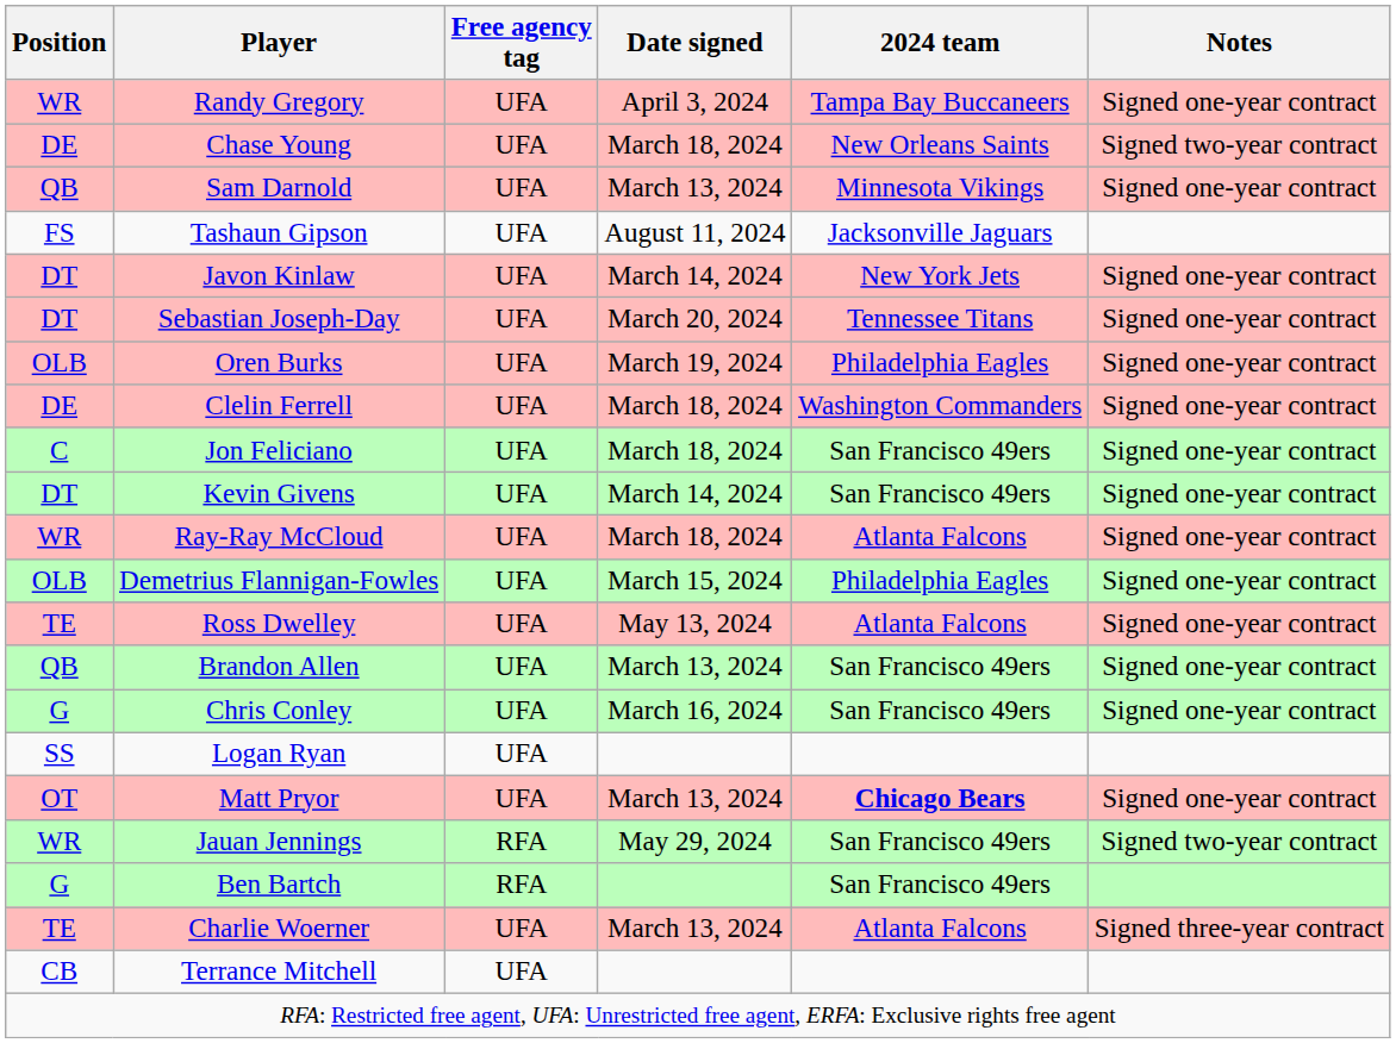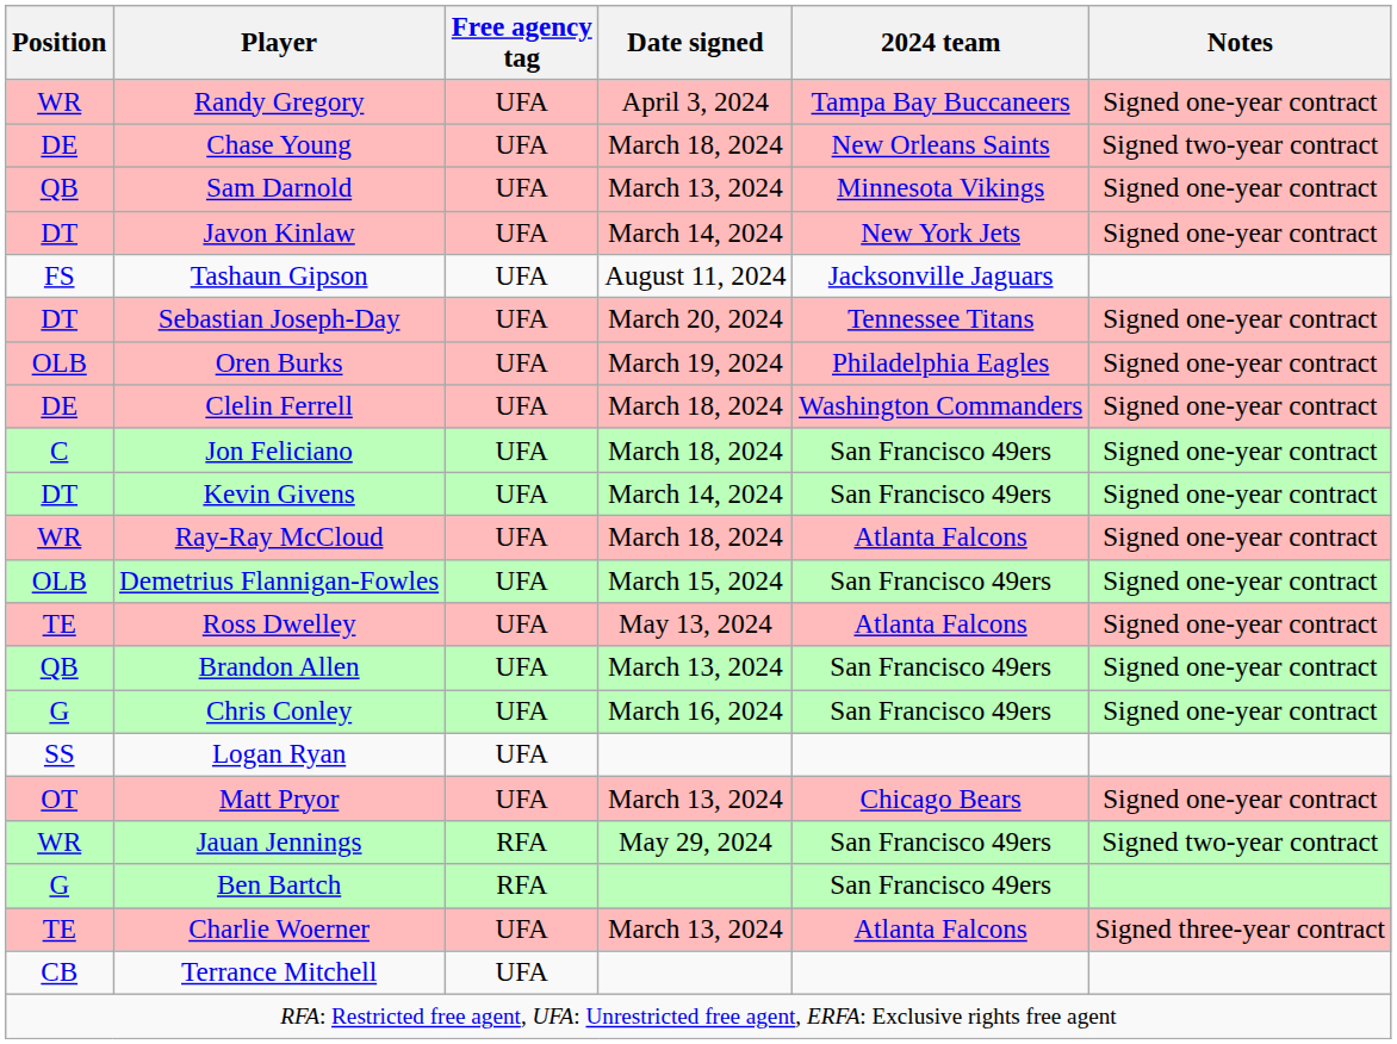 <table class="sortable wikitable" style="text-align:center">
 <tr>
 <th>Position</th>
 <th>Player</th>
 <th><a href='#'><span>Free agency</span></a><br>tag</th>
 <th>Date signed</th>
 <th>2024 team</th>
 <th>Notes</th>
 </tr>
 <tr style="background: #fbb">
 <td><a href='#'>WR</a></td>
 <td><a href='#'>Randy Gregory</a></td>
 <td>UFA</td>
 <td>April 3, 2024</td>
 <td><a href='#'>Tampa Bay Buccaneers</a></td>
 <td>Signed one-year contract</td>
 </tr>
 <tr style="background: #fbb">
 <td><a href='#'>DE</a></td>
 <td><a href='#'>Chase Young</a></td>
 <td>UFA</td>
 <td>March 18, 2024</td>
 <td><a href='#'>New Orleans Saints</a></td>
 <td>Signed two-year contract</td>
 </tr>
 <tr style="background: #fbb">
 <td><a href='#'>QB</a></td>
 <td><a href='#'>Sam Darnold</a></td>
 <td>UFA</td>
 <td>March 13, 2024</td>
 <td><a href='#'>Minnesota Vikings</a></td>
 <td>Signed one-year contract</td>
 </tr>
+<tr style="background: #fbb">
+<td><a href='#'>DT</a></td>
+<td><a href='#'>Javon Kinlaw</a></td>
+<td>UFA</td>
+<td>March 14, 2024</td>
+<td><a href='#'>New York Jets</a></td>
+<td>Signed one-year contract</td>
+</tr>
 <tr style="background:">
 <td><a href='#'>FS</a></td>
 <td><a href='#'>Tashaun Gipson</a></td>
 <td>UFA</td>
 <td>August 11, 2024</td>
 <td><a href='#'>Jacksonville Jaguars</a></td>
 <td></td>
-</tr>
-<tr style="background: #fbb">
-<td><a href='#'>DT</a></td>
-<td><a href='#'>Javon Kinlaw</a></td>
-<td>UFA</td>
-<td>March 14, 2024</td>
-<td><a href='#'>New York Jets</a></td>
-<td>Signed one-year contract</td>
 </tr>
 <tr style="background: #fbb">
 <td><a href='#'>DT</a></td>
 <td><a href='#'>Sebastian Joseph-Day</a></td>
 <td>UFA</td>
 <td>March 20, 2024</td>
 <td><a href='#'>Tennessee Titans</a></td>
 <td>Signed one-year contract</td>
 </tr>
 <tr style="background: #fbb">
 <td><a href='#'>OLB</a></td>
 <td><a href='#'>Oren Burks</a></td>
 <td>UFA</td>
 <td>March 19, 2024</td>
 <td><a href='#'>Philadelphia Eagles</a></td>
 <td>Signed one-year contract</td>
 </tr>
 <tr style="background: #fbb">
 <td><a href='#'>DE</a></td>
 <td><a href='#'>Clelin Ferrell</a></td>
 <td>UFA</td>
 <td>March 18, 2024</td>
 <td><a href='#'>Washington Commanders</a></td>
 <td>Signed one-year contract</td>
 </tr>
 <tr style="background: #bfb">
 <td><a href='#'>C</a></td>
 <td><a href='#'>Jon Feliciano</a></td>
 <td>UFA</td>
 <td>March 18, 2024</td>
 <td>San Francisco 49ers</td>
 <td>Signed one-year contract</td>
 </tr>
 <tr style="background: #bfb">
 <td><a href='#'>DT</a></td>
 <td><a href='#'>Kevin Givens</a></td>
 <td>UFA</td>
 <td>March 14, 2024</td>
 <td>San Francisco 49ers</td>
 <td>Signed one-year contract</td>
 </tr>
 <tr style="background: #fbb">
 <td><a href='#'>WR</a></td>
 <td><a href='#'>Ray-Ray McCloud</a></td>
 <td>UFA</td>
 <td>March 18, 2024</td>
 <td><a href='#'>Atlanta Falcons</a></td>
 <td>Signed one-year contract</td>
 </tr>
 <tr style="background: #bfb">
 <td><a href='#'>OLB</a></td>
 <td><a href='#'>Demetrius Flannigan-Fowles</a></td>
 <td>UFA</td>
 <td>March 15, 2024</td>
-<td><a href='#'>Philadelphia Eagles</a></td>
+<td>San Francisco 49ers</td>
 <td>Signed one-year contract</td>
 </tr>
 <tr style="background: #fbb">
 <td><a href='#'>TE</a></td>
 <td><a href='#'>Ross Dwelley</a></td>
 <td>UFA</td>
 <td>May 13, 2024</td>
 <td><a href='#'>Atlanta Falcons</a></td>
 <td>Signed one-year contract</td>
 </tr>
 <tr style="background: #bfb">
 <td><a href='#'>QB</a></td>
 <td><a href='#'>Brandon Allen</a></td>
 <td>UFA</td>
 <td>March 13, 2024</td>
 <td>San Francisco 49ers</td>
 <td>Signed one-year contract</td>
 </tr>
 <tr style="background: #bfb">
 <td><a href='#'>G</a></td>
 <td><a href='#'>Chris Conley</a></td>
 <td>UFA</td>
 <td>March 16, 2024</td>
 <td>San Francisco 49ers</td>
 <td>Signed one-year contract</td>
 </tr>
 <tr style="background:">
 <td><a href='#'>SS</a></td>
 <td><a href='#'>Logan Ryan</a></td>
 <td>UFA</td>
 <td></td>
 <td></td>
 <td></td>
 </tr>
 <tr style="background: #fbb">
 <td><a href='#'>OT</a></td>
 <td><a href='#'>Matt Pryor</a></td>
 <td>UFA</td>
 <td>March 13, 2024</td>
-<td><strong><a href='#'>Chicago Bears</a></strong></td>
+<td><a href='#'>Chicago Bears</a></td>
 <td>Signed one-year contract</td>
 </tr>
 <tr style="background: #bfb">
 <td><a href='#'>WR</a></td>
 <td><a href='#'>Jauan Jennings</a></td>
 <td>RFA</td>
 <td>May 29, 2024</td>
 <td>San Francisco 49ers</td>
 <td>Signed two-year contract</td>
 </tr>
 <tr style="background: #bfb">
 <td><a href='#'>G</a></td>
 <td><a href='#'>Ben Bartch</a></td>
 <td>RFA</td>
 <td></td>
 <td>San Francisco 49ers</td>
 <td></td>
 </tr>
 <tr style="background: #fbb">
 <td><a href='#'>TE</a></td>
 <td><a href='#'>Charlie Woerner</a></td>
 <td>UFA</td>
 <td>March 13, 2024</td>
 <td><a href='#'>Atlanta Falcons</a></td>
 <td>Signed three-year contract</td>
 </tr>
 <tr style="background:">
 <td><a href='#'>CB</a></td>
 <td><a href='#'>Terrance Mitchell</a></td>
 <td>UFA</td>
 <td></td>
 <td></td>
 <td></td>
 </tr>
 <tr>
 <td colspan="6"><small><em>RFA</em>: <a href='#'>Restricted free agent</a>, <em>UFA</em>: <a href='#'>Unrestricted free agent</a>, <em>ERFA</em>: Exclusive rights free agent</small><br></td>
 </tr>
 </table>
